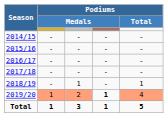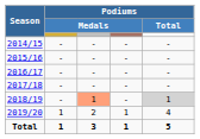 <table class="wikitable" style="font-size:86%; text-align:center; border:grey solid 1px; border-collapse:collapse;" width="20%">
 <tr style="background-color:#369; color:white;">
 <td rowspan="3" colspan="1" width="12%"><strong>Season</strong></td>
 <td colspan="10"><strong>Podiums</strong></td>
 </tr>
 <tr style="background-color:#4180be; color:white;">
 <th style="background:#4180be;" width="100" colspan="3">Medals</th>
 <th style="background:#4180be;" width="50" colspan="4">Total</th>
 </tr>
 <tr>
 <td align="center" bgcolor="#d4af37"></td>
 <td align="center" bgcolor="silver"></td>
 <td align="center" bgcolor="#a57164"></td>
 <td></td>
 </tr>
 <tr>
 <td><a href='#'>2014/15</a></td>
 <td>-</td>
 <td>-</td>
 <td>-</td>
 <td>-</td>
 </tr>
 <tr>
 <td><a href='#'>2015/16</a></td>
 <td>-</td>
 <td>-</td>
 <td>-</td>
 <td>-</td>
 </tr>
 <tr>
 <td><a href='#'>2016/17</a></td>
 <td>-</td>
 <td>-</td>
 <td>-</td>
 <td>-</td>
 </tr>
 <tr>
 <td><a href='#'>2017/18</a></td>
 <td>-</td>
 <td>-</td>
 <td>-</td>
 <td>-</td>
 </tr>
 <tr>
 <td><a href='#'>2018/19</a></td>
 <td>-</td>
-<td>1</td>
+<td style="background: lightsalmon;">1</td>
 <td>-</td>
-<td>1</td>
+<td style="background: lightgrey;">1</td>
 </tr>
 <tr>
 <td><a href='#'>2019/20</a></td>
-<td style="background: lightsalmon;">1</td>
-<td style="background: lightsalmon;">2</td>
-<td><strong>1</strong></td>
-<td style="background: lightsalmon;">4</td>
+<td>1</td>
+<td>2</td>
+<td>1</td>
+<td>4</td>
 </tr>
 <tr>
 <td><strong>Total</strong></td>
 <td><strong>1</strong></td>
 <td><strong>3</strong></td>
 <td><strong>1</strong></td>
 <td><strong>5</strong></td>
 </tr>
 </table>
